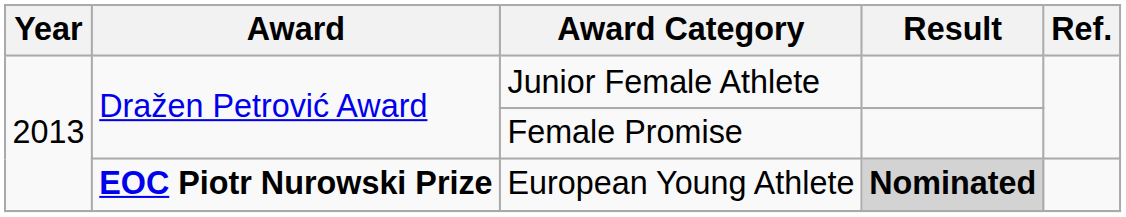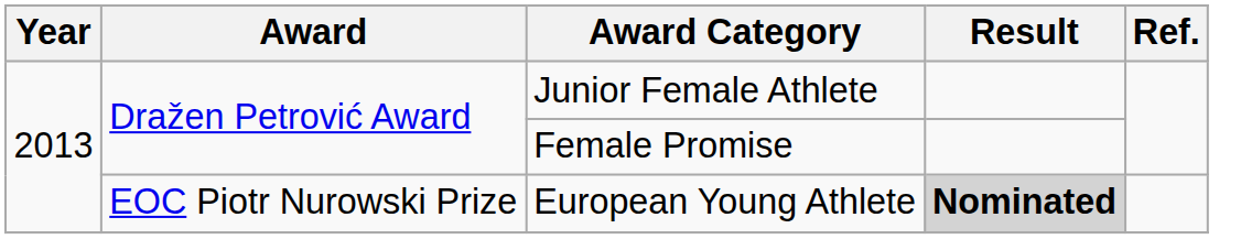 <table class="wikitable sortable">
 <tr>
 <th>Year</th>
 <th>Award</th>
 <th>Award Category</th>
 <th>Result</th>
 <th>Ref.</th>
 </tr>
 <tr>
 <td rowspan="3">2013</td>
 <td rowspan="2"><a href='#'>Dražen Petrović Award</a></td>
 <td>Junior Female Athlete</td>
 <td style="background:"></td>
 <td rowspan="2"></td>
 </tr>
 <tr>
 <td>Female Promise</td>
 <td style="background:"></td>
 </tr>
 <tr>
-<td><strong><a href='#'>EOC</a> Piotr Nurowski Prize</strong></td>
+<td><a href='#'>EOC</a> Piotr Nurowski Prize</td>
 <td>European Young Athlete</td>
 <td style="background:lightgrey"><strong>Nominated</strong></td>
 <td></td>
 </tr>
 <tr>
 </tr>
 </table>
